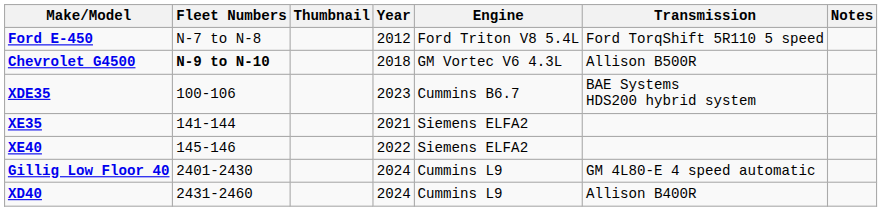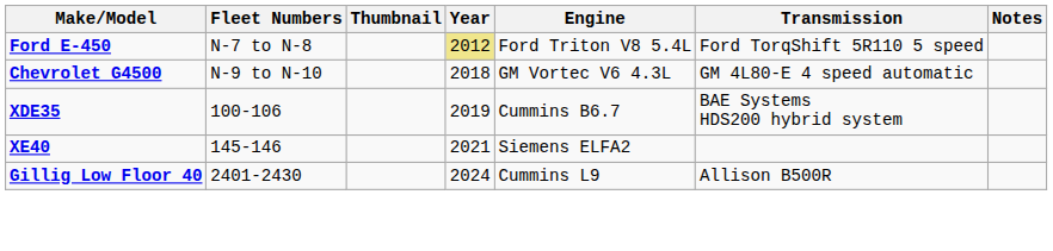 <table class="wikitable sortable" style="font-size: 100%;">
 <tr>
 <th>Make/Model</th>
 <th>Fleet Numbers</th>
 <th class="unsortable">Thumbnail</th>
 <th>Year</th>
 <th>Engine</th>
 <th>Transmission</th>
 <th>Notes</th>
 </tr>
 <tr>
 <td><strong><a href='#'>Ford E-450</a></strong></td>
 <td>N-7 to N-8</td>
 <td></td>
-<td>2012</td>
+<td style="background: khaki;">2012</td>
 <td>Ford Triton V8 5.4L</td>
 <td>Ford TorqShift 5R110 5 speed</td>
 <td></td>
 </tr>
 <tr>
 <td><a href='#'><strong>Chevrolet G4500</strong></a></td>
-<td><strong>N-9 to N-10</strong></td>
+<td>N-9 to N-10</td>
 <td></td>
 <td>2018</td>
 <td>GM Vortec V6 4.3L</td>
-<td>Allison B500R</td>
+<td>GM 4L80-E 4 speed automatic</td>
 <td></td>
 </tr>
 <tr>
 <td><a href='#'><strong>XDE35</strong></a></td>
 <td>100-106</td>
 <td></td>
-<td>2023</td>
+<td>2019</td>
 <td>Cummins B6.7</td>
 <td>BAE Systems<br>HDS200 hybrid system</td>
-<td></td>
-</tr>
-<tr>
-<td><a href='#'><strong>XE35</strong></a></td>
-<td>141-144</td>
-<td></td>
-<td>2021</td>
-<td>Siemens ELFA2</td>
-<td></td>
 <td></td>
 </tr>
 <tr>
 <td><a href='#'><strong>XE40</strong></a></td>
 <td>145-146</td>
 <td></td>
-<td>2022</td>
+<td>2021</td>
 <td>Siemens ELFA2</td>
 <td></td>
 <td></td>
 </tr>
 <tr>
 <td><a href='#'><strong>Gillig Low Floor 40</strong></a></td>
 <td>2401-2430</td>
 <td></td>
 <td>2024</td>
 <td>Cummins L9</td>
-<td>GM 4L80-E 4 speed automatic</td>
-<td></td>
-</tr>
-<tr>
-<td><a href='#'><strong>XD40</strong></a></td>
-<td>2431-2460</td>
-<td></td>
-<td>2024</td>
-<td>Cummins L9</td>
-<td>Allison B400R</td>
+<td>Allison B500R</td>
 <td></td>
 </tr>
 </table>
